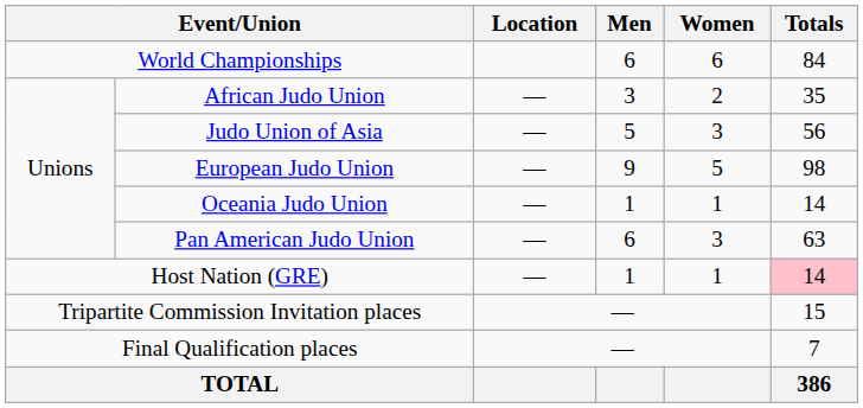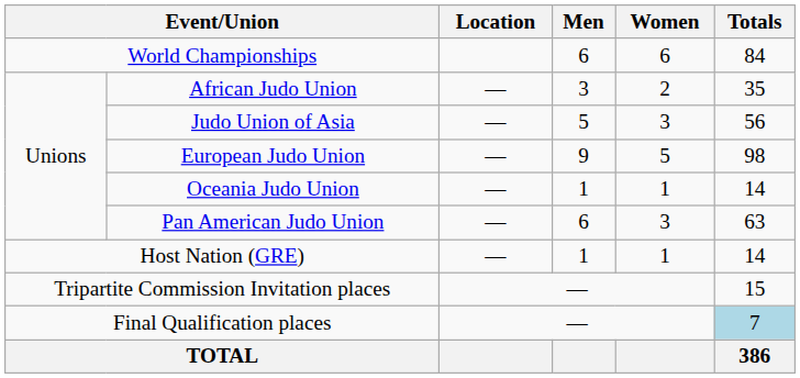 <table class="wikitable" width="600" style="text-align:center;">
 <tr>
 <th colspan="2">Event/Union</th>
 <th>Location</th>
 <th>Men</th>
 <th>Women</th>
 <th>Totals</th>
 </tr>
 <tr>
 <td colspan="2"><a href='#'>World Championships</a></td>
 <td></td>
 <td>6</td>
 <td>6</td>
 <td>84</td>
 </tr>
 <tr>
 <td rowspan="5">Unions</td>
 <td><a href='#'>African Judo Union</a></td>
 <td>—</td>
 <td>3</td>
 <td>2</td>
 <td>35</td>
 </tr>
 <tr>
 <td><a href='#'>Judo Union of Asia</a></td>
 <td>—</td>
 <td>5</td>
 <td>3</td>
 <td>56</td>
 </tr>
 <tr>
 <td><a href='#'>European Judo Union</a></td>
 <td>—</td>
 <td>9</td>
 <td>5</td>
 <td>98</td>
 </tr>
 <tr>
 <td><a href='#'>Oceania Judo Union</a></td>
 <td>—</td>
 <td>1</td>
 <td>1</td>
 <td>14</td>
 </tr>
 <tr>
 <td><a href='#'>Pan American Judo Union</a></td>
 <td>—</td>
 <td>6</td>
 <td>3</td>
 <td>63</td>
 </tr>
 <tr>
 <td colspan="2">Host Nation (<a href='#'>GRE</a>)</td>
 <td>—</td>
 <td>1</td>
 <td>1</td>
-<td style="background: pink;">14</td>
+<td>14</td>
 </tr>
 <tr>
 <td colspan="2">Tripartite Commission Invitation places</td>
 <td colspan="3">—</td>
 <td>15</td>
 </tr>
 <tr>
 <td colspan="2">Final Qualification places</td>
 <td colspan="3">—</td>
-<td>7</td>
+<td style="background: lightblue;">7</td>
 </tr>
 <tr>
 <th colspan="2">TOTAL</th>
 <th></th>
 <th></th>
 <th></th>
 <th>386</th>
 </tr>
 </table>
